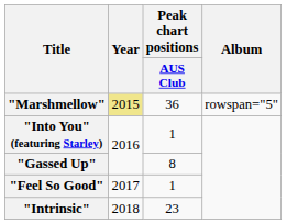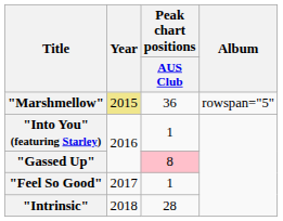 <table class="wikitable plainrowheaders" style="text-align:center">
 <tr>
 <th scope="col" rowspan="2">Title</th>
 <th scope="col" rowspan="2">Year</th>
 <th scope="col" colspan="1">Peak chart positions</th>
 <th scope="col" rowspan="2">Album</th>
 </tr>
 <tr>
 <th scope="col" style="width:3em;font-size:90%;"><a href='#'>AUS<br>Club</a><br></th>
 </tr>
 <tr>
 <th scope="row">"Marshmellow"</th>
 <td style="background: khaki;">2015</td>
 <td>36</td>
 <td>rowspan="5" </td>
 </tr>
 <tr>
 <th scope="row">"Into You"<br><small>(featuring <a href='#'>Starley</a>)</small></th>
 <td rowspan="2">2016</td>
 <td>1</td>
 </tr>
 <tr>
 <th scope="row">"Gassed Up"</th>
-<td>8</td>
+<td style="background: pink;">8</td>
 </tr>
 <tr>
 <th scope="row">"Feel So Good"</th>
 <td>2017</td>
 <td>1</td>
 </tr>
 <tr>
 <th scope="row">"Intrinsic"</th>
 <td>2018</td>
-<td>23</td>
+<td>28</td>
 </tr>
 </table>
